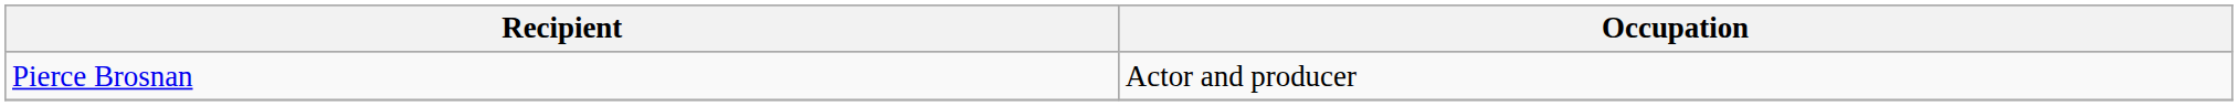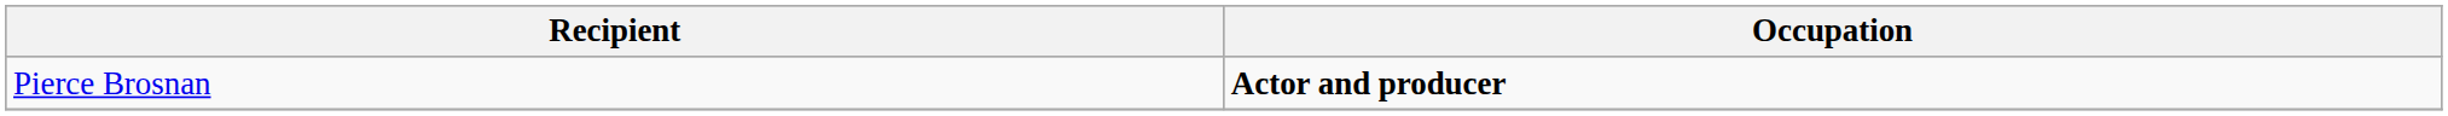 <table class="wikitable" width="95%" cellpadding="5">
 <tr>
 <th width="25%">Recipient</th>
 <th width="25%">Occupation</th>
 </tr>
 <tr>
 <td> <a href='#'>Pierce Brosnan</a></td>
-<td>Actor and producer</td>
+<td><strong>Actor and producer</strong></td>
 </tr>
 <tr>
 </tr>
 </table>
